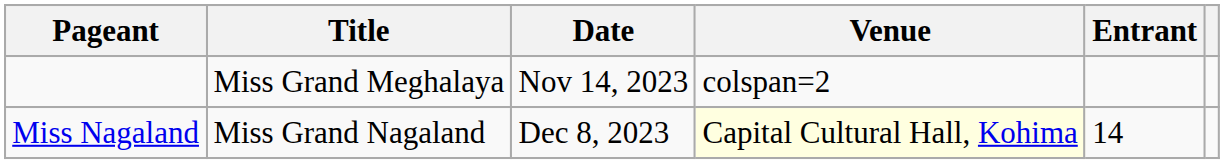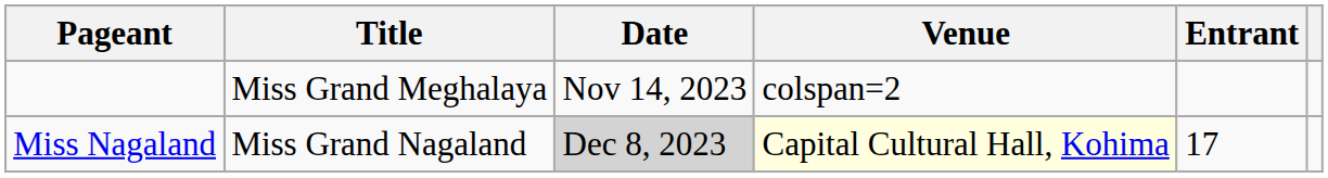 <table class="wikitable defaultcenter col3left col4left" style="font-size: 95%";>
 <tr>
 <th>Pageant</th>
 <th>Title</th>
 <th>Date</th>
 <th>Venue</th>
 <th>Entrant</th>
 <th></th>
 </tr>
 <tr>
 <td></td>
 <td>Miss Grand Meghalaya</td>
 <td>Nov 14, 2023</td>
 <td>colspan=2 </td>
 <td></td>
 </tr>
 <tr>
 <td><a href='#'>Miss Nagaland</a></td>
 <td>Miss Grand Nagaland</td>
-<td>Dec 8, 2023</td>
+<td style="background: lightgrey;">Dec 8, 2023</td>
 <td style="background: lightyellow;">Capital Cultural Hall, <a href='#'>Kohima</a></td>
-<td>14</td>
+<td>17</td>
 <td></td>
 </tr>
 </table>
